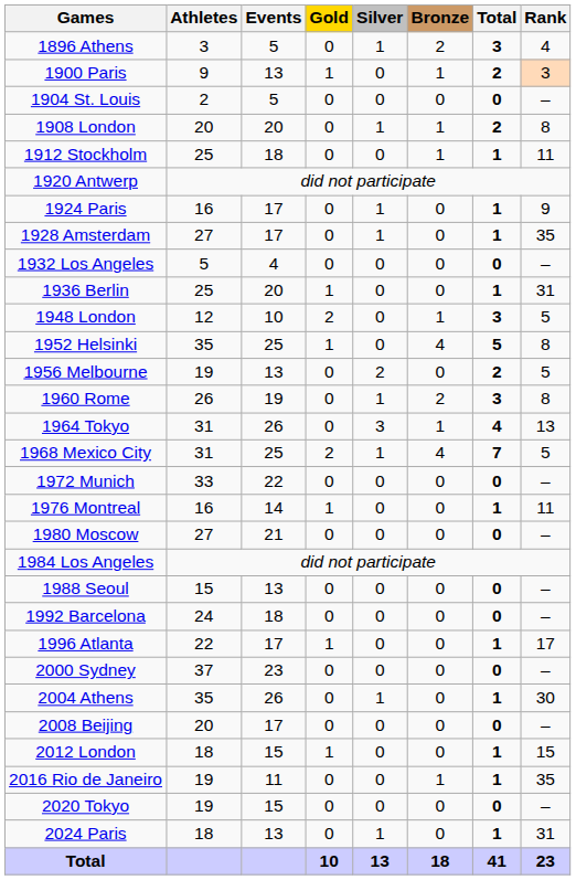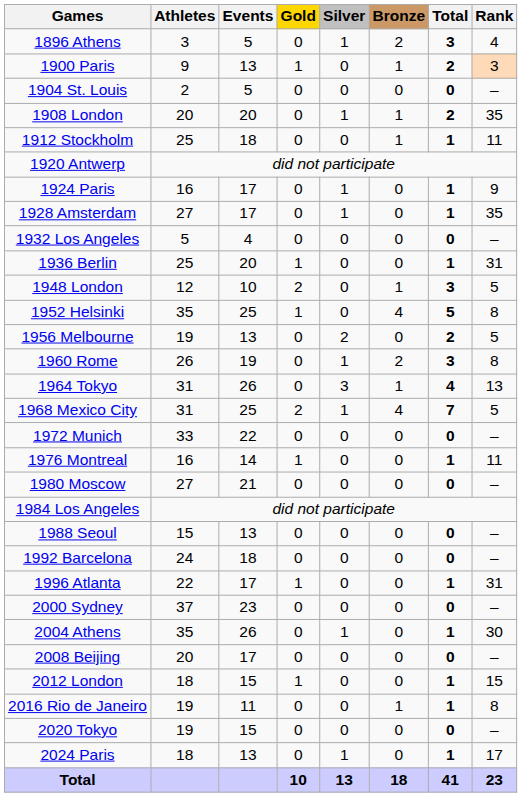 <table class="wikitable sortable collapsible collapsed">
 <tr>
 <th>Games</th>
 <th>Athletes</th>
 <th>Events</th>
 <th style="text-align:center; background-color:gold;">Gold</th>
 <th style="text-align:center; background-color:silver;">Silver</th>
 <th style="text-align:center; background-color:#c96;">Bronze</th>
 <th>Total</th>
 <th>Rank</th>
 </tr>
 <tr align=center>
 <td><a href='#'>1896 Athens</a></td>
 <td>3</td>
 <td>5</td>
 <td>0</td>
 <td>1</td>
 <td>2</td>
 <td><strong>3</strong></td>
 <td>4</td>
 </tr>
 <tr align=center>
 <td><a href='#'>1900 Paris</a></td>
 <td>9</td>
 <td>13</td>
 <td>1</td>
 <td>0</td>
 <td>1</td>
 <td><strong>2</strong></td>
 <td bgcolor=ffdab9>3</td>
 </tr>
 <tr align=center>
 <td><a href='#'>1904 St. Louis</a></td>
 <td>2</td>
 <td>5</td>
 <td>0</td>
 <td>0</td>
 <td>0</td>
 <td><strong>0</strong></td>
 <td>–</td>
 </tr>
 <tr align=center>
 <td><a href='#'>1908 London</a></td>
 <td>20</td>
 <td>20</td>
 <td>0</td>
 <td>1</td>
 <td>1</td>
 <td><strong>2</strong></td>
-<td>8</td>
+<td>35</td>
 </tr>
 <tr align=center>
 <td><a href='#'>1912 Stockholm</a></td>
 <td>25</td>
 <td>18</td>
 <td>0</td>
 <td>0</td>
 <td>1</td>
 <td><strong>1</strong></td>
 <td>11</td>
 </tr>
 <tr align=center>
 <td><a href='#'>1920 Antwerp</a></td>
 <td colspan=7><em>did not participate</em></td>
 </tr>
 <tr align=center>
 <td><a href='#'>1924 Paris</a></td>
 <td>16</td>
 <td>17</td>
 <td>0</td>
 <td>1</td>
 <td>0</td>
 <td><strong>1</strong></td>
 <td>9</td>
 </tr>
 <tr align=center>
 <td><a href='#'>1928 Amsterdam</a></td>
 <td>27</td>
 <td>17</td>
 <td>0</td>
 <td>1</td>
 <td>0</td>
 <td><strong>1</strong></td>
 <td>35</td>
 </tr>
 <tr align=center>
 <td><a href='#'>1932 Los Angeles</a></td>
 <td>5</td>
 <td>4</td>
 <td>0</td>
 <td>0</td>
 <td>0</td>
 <td><strong>0</strong></td>
 <td>–</td>
 </tr>
 <tr align=center>
 <td><a href='#'>1936 Berlin</a></td>
 <td>25</td>
 <td>20</td>
 <td>1</td>
 <td>0</td>
 <td>0</td>
 <td><strong>1</strong></td>
 <td>31</td>
 </tr>
 <tr align=center>
 <td><a href='#'>1948 London</a></td>
 <td>12</td>
 <td>10</td>
 <td>2</td>
 <td>0</td>
 <td>1</td>
 <td><strong>3</strong></td>
 <td>5</td>
 </tr>
 <tr align=center>
 <td><a href='#'>1952 Helsinki</a></td>
 <td>35</td>
 <td>25</td>
 <td>1</td>
 <td>0</td>
 <td>4</td>
 <td><strong>5</strong></td>
 <td>8</td>
 </tr>
 <tr align=center>
 <td><a href='#'>1956 Melbourne</a></td>
 <td>19</td>
 <td>13</td>
 <td>0</td>
 <td>2</td>
 <td>0</td>
 <td><strong>2</strong></td>
 <td>5</td>
 </tr>
 <tr align=center>
 <td><a href='#'>1960 Rome</a></td>
 <td>26</td>
 <td>19</td>
 <td>0</td>
 <td>1</td>
 <td>2</td>
 <td><strong>3</strong></td>
 <td>8</td>
 </tr>
 <tr align=center>
 <td><a href='#'>1964 Tokyo</a></td>
 <td>31</td>
 <td>26</td>
 <td>0</td>
 <td>3</td>
 <td>1</td>
 <td><strong>4</strong></td>
 <td>13</td>
 </tr>
 <tr align=center>
 <td><a href='#'>1968 Mexico City</a></td>
 <td>31</td>
 <td>25</td>
 <td>2</td>
 <td>1</td>
 <td>4</td>
 <td><strong>7</strong></td>
 <td>5</td>
 </tr>
 <tr align=center>
 <td><a href='#'>1972 Munich</a></td>
 <td>33</td>
 <td>22</td>
 <td>0</td>
 <td>0</td>
 <td>0</td>
 <td><strong>0</strong></td>
 <td>–</td>
 </tr>
 <tr align=center>
 <td><a href='#'>1976 Montreal</a></td>
 <td>16</td>
 <td>14</td>
 <td>1</td>
 <td>0</td>
 <td>0</td>
 <td><strong>1</strong></td>
 <td>11</td>
 </tr>
 <tr align=center>
 <td><a href='#'>1980 Moscow</a></td>
 <td>27</td>
 <td>21</td>
 <td>0</td>
 <td>0</td>
 <td>0</td>
 <td><strong>0</strong></td>
 <td>–</td>
 </tr>
 <tr align=center>
 <td><a href='#'>1984 Los Angeles</a></td>
 <td colspan=7><em>did not participate</em></td>
 </tr>
 <tr align=center>
 <td><a href='#'>1988 Seoul</a></td>
 <td>15</td>
 <td>13</td>
 <td>0</td>
 <td>0</td>
 <td>0</td>
 <td><strong>0</strong></td>
 <td>–</td>
 </tr>
 <tr align=center>
 <td><a href='#'>1992 Barcelona</a></td>
 <td>24</td>
 <td>18</td>
 <td>0</td>
 <td>0</td>
 <td>0</td>
 <td><strong>0</strong></td>
 <td>–</td>
 </tr>
 <tr align=center>
 <td><a href='#'>1996 Atlanta</a></td>
 <td>22</td>
 <td>17</td>
 <td>1</td>
 <td>0</td>
 <td>0</td>
 <td><strong>1</strong></td>
-<td>17</td>
+<td>31</td>
 </tr>
 <tr align=center>
 <td><a href='#'>2000 Sydney</a></td>
 <td>37</td>
 <td>23</td>
 <td>0</td>
 <td>0</td>
 <td>0</td>
 <td><strong>0</strong></td>
 <td>–</td>
 </tr>
 <tr align=center>
 <td><a href='#'>2004 Athens</a></td>
 <td>35</td>
 <td>26</td>
 <td>0</td>
 <td>1</td>
 <td>0</td>
 <td><strong>1</strong></td>
 <td>30</td>
 </tr>
 <tr align=center>
 <td><a href='#'>2008 Beijing</a></td>
 <td>20</td>
 <td>17</td>
 <td>0</td>
 <td>0</td>
 <td>0</td>
 <td><strong>0</strong></td>
 <td>–</td>
 </tr>
 <tr align=center>
 <td><a href='#'>2012 London</a></td>
 <td>18</td>
 <td>15</td>
 <td>1</td>
 <td>0</td>
 <td>0</td>
 <td><strong>1</strong></td>
 <td>15</td>
 </tr>
 <tr align=center>
 <td><a href='#'>2016 Rio de Janeiro</a></td>
 <td>19</td>
 <td>11</td>
 <td>0</td>
 <td>0</td>
 <td>1</td>
 <td><strong>1</strong></td>
-<td>35</td>
+<td>8</td>
 </tr>
 <tr align=center>
 <td><a href='#'>2020 Tokyo</a></td>
 <td>19</td>
 <td>15</td>
 <td>0</td>
 <td>0</td>
 <td>0</td>
 <td><strong>0</strong></td>
 <td>–</td>
 </tr>
 <tr align=center>
 <td><a href='#'>2024 Paris</a></td>
 <td>18</td>
 <td>13</td>
 <td>0</td>
 <td>1</td>
 <td>0</td>
 <td><strong>1</strong></td>
-<td>31</td>
+<td>17</td>
 </tr>
 <tr style="text-align:center; background-color:#ccf;">
 <td><strong>Total</strong></td>
 <td></td>
 <td></td>
 <td><strong>10</strong></td>
 <td><strong>13</strong></td>
 <td><strong>18</strong></td>
 <td><strong>41</strong></td>
 <td><strong>23</strong></td>
 </tr>
 </table>
